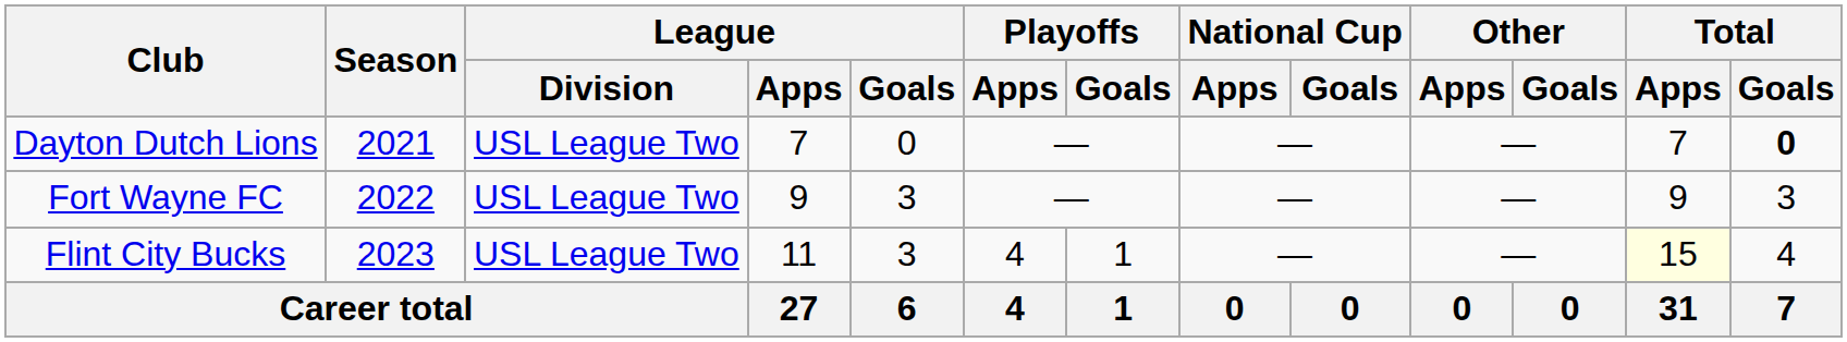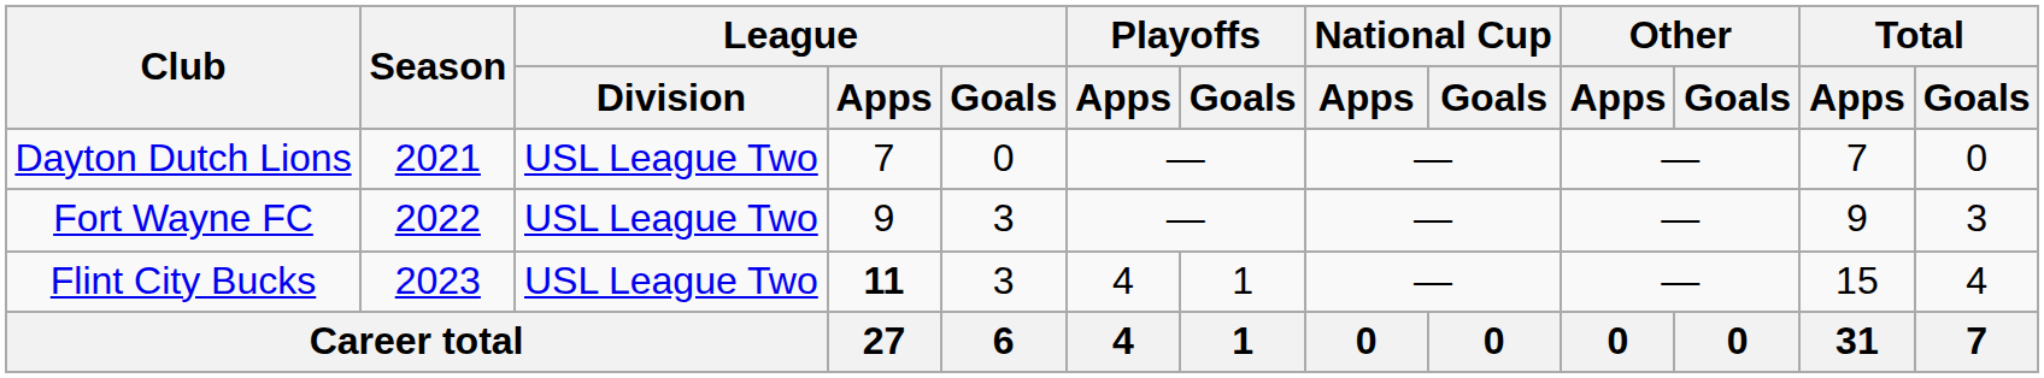 <table class="wikitable" style="text-align: center">
 <tr>
 <th rowspan="2">Club</th>
 <th rowspan="2">Season</th>
 <th colspan="3">League</th>
 <th colspan="2">Playoffs</th>
 <th colspan="2">National Cup</th>
 <th colspan="2">Other</th>
 <th colspan="2">Total</th>
 </tr>
 <tr>
 <th>Division</th>
 <th>Apps</th>
 <th>Goals</th>
 <th>Apps</th>
 <th>Goals</th>
 <th>Apps</th>
 <th>Goals</th>
 <th>Apps</th>
 <th>Goals</th>
 <th>Apps</th>
 <th>Goals</th>
 </tr>
 <tr>
 <td><a href='#'>Dayton Dutch Lions</a></td>
 <td><a href='#'>2021</a></td>
 <td><a href='#'>USL League Two</a></td>
 <td>7</td>
 <td>0</td>
 <td colspan="2">—</td>
 <td colspan="2">—</td>
 <td colspan="2">—</td>
 <td>7</td>
-<td><strong>0</strong></td>
+<td>0</td>
 </tr>
 <tr>
 <td><a href='#'>Fort Wayne FC</a></td>
 <td><a href='#'>2022</a></td>
 <td><a href='#'>USL League Two</a></td>
 <td>9</td>
 <td>3</td>
 <td colspan="2">—</td>
 <td colspan="2">—</td>
 <td colspan="2">—</td>
 <td>9</td>
 <td>3</td>
 </tr>
 <tr>
 <td><a href='#'>Flint City Bucks</a></td>
 <td><a href='#'>2023</a></td>
 <td><a href='#'>USL League Two</a></td>
-<td>11</td>
+<td><strong>11</strong></td>
 <td>3</td>
 <td>4</td>
 <td>1</td>
 <td colspan="2">—</td>
 <td colspan="2">—</td>
-<td style="background: lightyellow;">15</td>
+<td>15</td>
 <td>4</td>
 </tr>
 <tr>
 <th colspan="3">Career total</th>
 <th>27</th>
 <th>6</th>
 <th>4</th>
 <th>1</th>
 <th>0</th>
 <th>0</th>
 <th>0</th>
 <th>0</th>
 <th>31</th>
 <th>7</th>
 </tr>
 </table>
